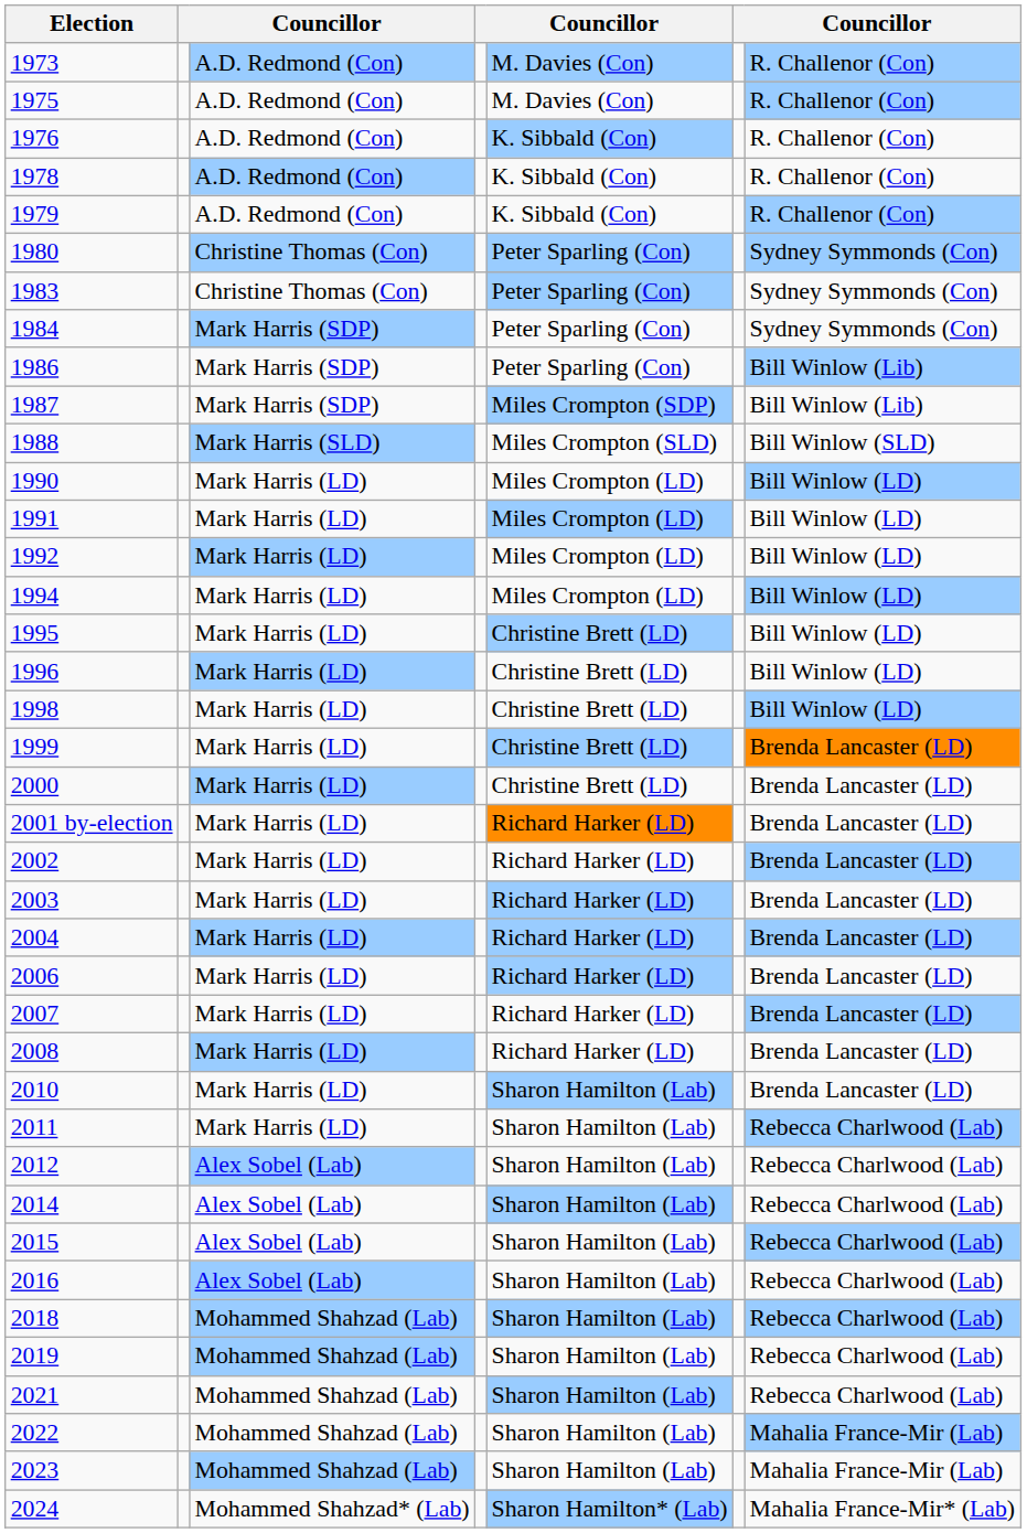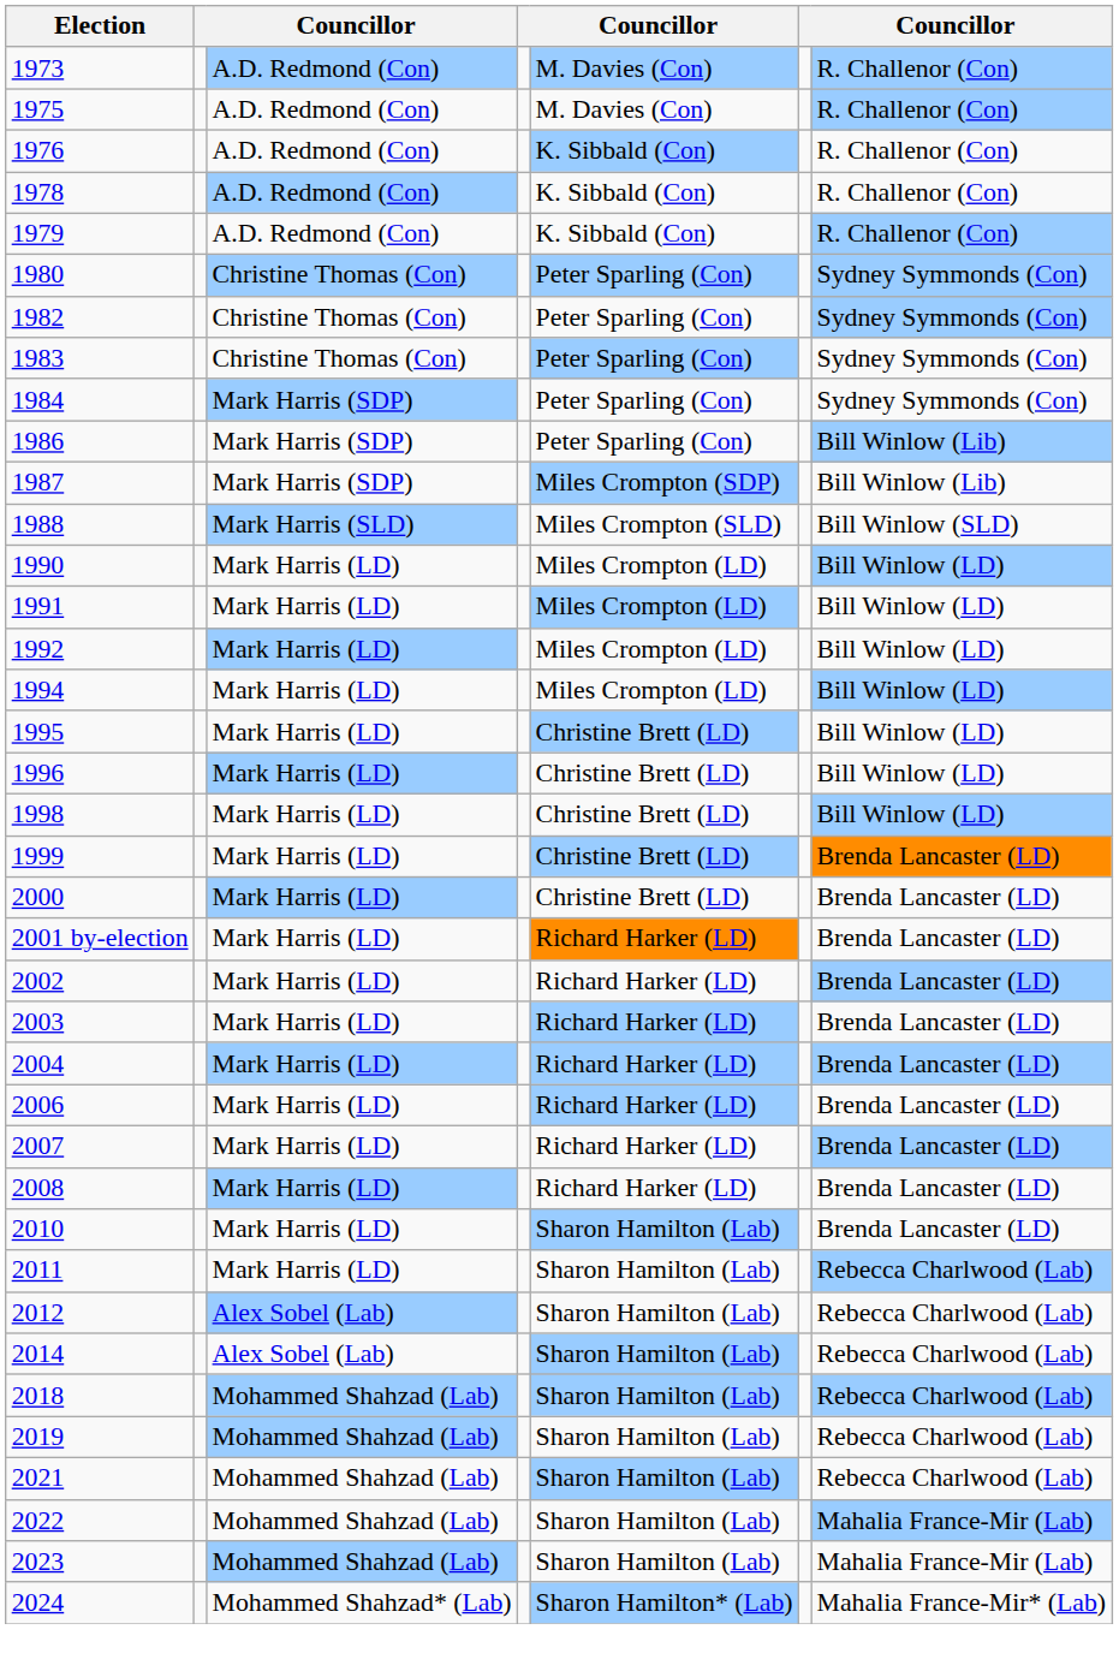 <table class="wikitable">
 <tr>
 <th>Election</th>
 <th colspan="2">Councillor</th>
 <th colspan="2">Councillor</th>
 <th colspan="2">Councillor</th>
 </tr>
 <tr>
 <td><a href='#'>1973</a></td>
 <td style="background-color: "></td>
 <td bgcolor="#99CCFF">A.D. Redmond (<a href='#'>Con</a>)</td>
 <td style="background-color: "></td>
 <td bgcolor="#99CCFF">M. Davies (<a href='#'>Con</a>)</td>
 <td style="background-color: "></td>
 <td bgcolor="#99CCFF">R. Challenor (<a href='#'>Con</a>)</td>
 </tr>
 <tr>
 <td><a href='#'>1975</a></td>
 <td style="background-color: "></td>
 <td>A.D. Redmond (<a href='#'>Con</a>)</td>
 <td style="background-color: "></td>
 <td>M. Davies (<a href='#'>Con</a>)</td>
 <td style="background-color: "></td>
 <td bgcolor="#99CCFF">R. Challenor (<a href='#'>Con</a>)</td>
 </tr>
 <tr>
 <td><a href='#'>1976</a></td>
 <td style="background-color: "></td>
 <td>A.D. Redmond (<a href='#'>Con</a>)</td>
 <td style="background-color: "></td>
 <td bgcolor="#99CCFF">K. Sibbald (<a href='#'>Con</a>)</td>
 <td style="background-color: "></td>
 <td>R. Challenor (<a href='#'>Con</a>)</td>
 </tr>
 <tr>
 <td><a href='#'>1978</a></td>
 <td style="background-color: "></td>
 <td bgcolor="#99CCFF">A.D. Redmond (<a href='#'>Con</a>)</td>
 <td style="background-color: "></td>
 <td>K. Sibbald (<a href='#'>Con</a>)</td>
 <td style="background-color: "></td>
 <td>R. Challenor (<a href='#'>Con</a>)</td>
 </tr>
 <tr>
 <td><a href='#'>1979</a></td>
 <td style="background-color: "></td>
 <td>A.D. Redmond (<a href='#'>Con</a>)</td>
 <td style="background-color: "></td>
 <td>K. Sibbald (<a href='#'>Con</a>)</td>
 <td style="background-color: "></td>
 <td bgcolor="#99CCFF">R. Challenor (<a href='#'>Con</a>)</td>
 </tr>
 <tr>
 <td><a href='#'>1980</a></td>
 <td style="background-color: "></td>
 <td bgcolor="#99CCFF">Christine Thomas (<a href='#'>Con</a>)</td>
 <td style="background-color: "></td>
 <td bgcolor="#99CCFF">Peter Sparling (<a href='#'>Con</a>)</td>
+<td style="background-color: "></td>
+<td bgcolor="#99CCFF">Sydney Symmonds (<a href='#'>Con</a>)</td>
+</tr>
+<tr>
+<td><a href='#'>1982</a></td>
+<td style="background-color: "></td>
+<td>Christine Thomas (<a href='#'>Con</a>)</td>
+<td style="background-color: "></td>
+<td>Peter Sparling (<a href='#'>Con</a>)</td>
 <td style="background-color: "></td>
 <td bgcolor="#99CCFF">Sydney Symmonds (<a href='#'>Con</a>)</td>
 </tr>
 <tr>
 <td><a href='#'>1983</a></td>
 <td style="background-color: "></td>
 <td>Christine Thomas (<a href='#'>Con</a>)</td>
 <td style="background-color: "></td>
 <td bgcolor="#99CCFF">Peter Sparling (<a href='#'>Con</a>)</td>
 <td style="background-color: "></td>
 <td>Sydney Symmonds (<a href='#'>Con</a>)</td>
 </tr>
 <tr>
 <td><a href='#'>1984</a></td>
 <td style="background-color: "></td>
 <td bgcolor="#99CCFF">Mark Harris (<a href='#'>SDP</a>)</td>
 <td style="background-color: "></td>
 <td>Peter Sparling (<a href='#'>Con</a>)</td>
 <td style="background-color: "></td>
 <td>Sydney Symmonds (<a href='#'>Con</a>)</td>
 </tr>
 <tr>
 <td><a href='#'>1986</a></td>
 <td style="background-color: "></td>
 <td>Mark Harris (<a href='#'>SDP</a>)</td>
 <td style="background-color: "></td>
 <td>Peter Sparling (<a href='#'>Con</a>)</td>
 <td style="background-color: "></td>
 <td bgcolor="#99CCFF">Bill Winlow (<a href='#'>Lib</a>)</td>
 </tr>
 <tr>
 <td><a href='#'>1987</a></td>
 <td style="background-color: "></td>
 <td>Mark Harris (<a href='#'>SDP</a>)</td>
 <td style="background-color: "></td>
 <td bgcolor="#99CCFF">Miles Crompton (<a href='#'>SDP</a>)</td>
 <td style="background-color: "></td>
 <td>Bill Winlow (<a href='#'>Lib</a>)</td>
 </tr>
 <tr>
 <td><a href='#'>1988</a></td>
 <td style="background-color: "></td>
 <td bgcolor="#99CCFF">Mark Harris (<a href='#'>SLD</a>)</td>
 <td style="background-color: "></td>
 <td>Miles Crompton (<a href='#'>SLD</a>)</td>
 <td style="background-color: "></td>
 <td>Bill Winlow (<a href='#'>SLD</a>)</td>
 </tr>
 <tr>
 <td><a href='#'>1990</a></td>
 <td style="background-color: "></td>
 <td>Mark Harris (<a href='#'>LD</a>)</td>
 <td style="background-color: "></td>
 <td>Miles Crompton (<a href='#'>LD</a>)</td>
 <td style="background-color: "></td>
 <td bgcolor="#99CCFF">Bill Winlow (<a href='#'>LD</a>)</td>
 </tr>
 <tr>
 <td><a href='#'>1991</a></td>
 <td style="background-color: "></td>
 <td>Mark Harris (<a href='#'>LD</a>)</td>
 <td style="background-color: "></td>
 <td bgcolor="#99CCFF">Miles Crompton (<a href='#'>LD</a>)</td>
 <td style="background-color: "></td>
 <td>Bill Winlow (<a href='#'>LD</a>)</td>
 </tr>
 <tr>
 <td><a href='#'>1992</a></td>
 <td style="background-color: "></td>
 <td bgcolor="#99CCFF">Mark Harris (<a href='#'>LD</a>)</td>
 <td style="background-color: "></td>
 <td>Miles Crompton (<a href='#'>LD</a>)</td>
 <td style="background-color: "></td>
 <td>Bill Winlow (<a href='#'>LD</a>)</td>
 </tr>
 <tr>
 <td><a href='#'>1994</a></td>
 <td style="background-color: "></td>
 <td>Mark Harris (<a href='#'>LD</a>)</td>
 <td style="background-color: "></td>
 <td>Miles Crompton (<a href='#'>LD</a>)</td>
 <td style="background-color: "></td>
 <td bgcolor="#99CCFF">Bill Winlow (<a href='#'>LD</a>)</td>
 </tr>
 <tr>
 <td><a href='#'>1995</a></td>
 <td style="background-color: "></td>
 <td>Mark Harris (<a href='#'>LD</a>)</td>
 <td style="background-color: "></td>
 <td bgcolor="#99CCFF">Christine Brett (<a href='#'>LD</a>)</td>
 <td style="background-color: "></td>
 <td>Bill Winlow (<a href='#'>LD</a>)</td>
 </tr>
 <tr>
 <td><a href='#'>1996</a></td>
 <td style="background-color: "></td>
 <td bgcolor="#99CCFF">Mark Harris (<a href='#'>LD</a>)</td>
 <td style="background-color: "></td>
 <td>Christine Brett (<a href='#'>LD</a>)</td>
 <td style="background-color: "></td>
 <td>Bill Winlow (<a href='#'>LD</a>)</td>
 </tr>
 <tr>
 <td><a href='#'>1998</a></td>
 <td style="background-color: "></td>
 <td>Mark Harris (<a href='#'>LD</a>)</td>
 <td style="background-color: "></td>
 <td>Christine Brett (<a href='#'>LD</a>)</td>
 <td style="background-color: "></td>
 <td bgcolor="#99CCFF">Bill Winlow (<a href='#'>LD</a>)</td>
 </tr>
 <tr>
 <td><a href='#'>1999</a></td>
 <td style="background-color: "></td>
 <td>Mark Harris (<a href='#'>LD</a>)</td>
 <td style="background-color: "></td>
 <td bgcolor="#99CCFF">Christine Brett (<a href='#'>LD</a>)</td>
 <td style="background-color: "></td>
 <td bgcolor="#FF8C00">Brenda Lancaster (<a href='#'>LD</a>)</td>
 </tr>
 <tr>
 <td><a href='#'>2000</a></td>
 <td style="background-color: "></td>
 <td bgcolor="#99CCFF">Mark Harris (<a href='#'>LD</a>)</td>
 <td style="background-color: "></td>
 <td>Christine Brett (<a href='#'>LD</a>)</td>
 <td style="background-color: "></td>
 <td>Brenda Lancaster (<a href='#'>LD</a>)</td>
 </tr>
 <tr>
 <td><a href='#'>2001 by-election</a></td>
 <td style="background-color: "></td>
 <td>Mark Harris (<a href='#'>LD</a>)</td>
 <td style="background-color: "></td>
 <td bgcolor="#FF8C00">Richard Harker (<a href='#'>LD</a>)</td>
 <td style="background-color: "></td>
 <td>Brenda Lancaster (<a href='#'>LD</a>)</td>
 </tr>
 <tr>
 <td><a href='#'>2002</a></td>
 <td style="background-color: "></td>
 <td>Mark Harris (<a href='#'>LD</a>)</td>
 <td style="background-color: "></td>
 <td>Richard Harker (<a href='#'>LD</a>)</td>
 <td style="background-color: "></td>
 <td bgcolor="#99CCFF">Brenda Lancaster (<a href='#'>LD</a>)</td>
 </tr>
 <tr>
 <td><a href='#'>2003</a></td>
 <td style="background-color: "></td>
 <td>Mark Harris (<a href='#'>LD</a>)</td>
 <td style="background-color: "></td>
 <td bgcolor="#99CCFF">Richard Harker (<a href='#'>LD</a>)</td>
 <td style="background-color: "></td>
 <td>Brenda Lancaster (<a href='#'>LD</a>)</td>
 </tr>
 <tr>
 <td><a href='#'>2004</a></td>
 <td style="background-color: "></td>
 <td bgcolor="#99CCFF">Mark Harris (<a href='#'>LD</a>)</td>
 <td style="background-color: "></td>
 <td bgcolor="#99CCFF">Richard Harker (<a href='#'>LD</a>)</td>
 <td style="background-color: "></td>
 <td bgcolor="#99CCFF">Brenda Lancaster (<a href='#'>LD</a>)</td>
 </tr>
 <tr>
 <td><a href='#'>2006</a></td>
 <td style="background-color: "></td>
 <td>Mark Harris (<a href='#'>LD</a>)</td>
 <td style="background-color: "></td>
 <td bgcolor="#99CCFF">Richard Harker (<a href='#'>LD</a>)</td>
 <td style="background-color: "></td>
 <td>Brenda Lancaster (<a href='#'>LD</a>)</td>
 </tr>
 <tr>
 <td><a href='#'>2007</a></td>
 <td style="background-color: "></td>
 <td>Mark Harris (<a href='#'>LD</a>)</td>
 <td style="background-color: "></td>
 <td>Richard Harker (<a href='#'>LD</a>)</td>
 <td style="background-color: "></td>
 <td bgcolor="#99CCFF">Brenda Lancaster (<a href='#'>LD</a>)</td>
 </tr>
 <tr>
 <td><a href='#'>2008</a></td>
 <td style="background-color: "></td>
 <td bgcolor="#99CCFF">Mark Harris (<a href='#'>LD</a>)</td>
 <td style="background-color: "></td>
 <td>Richard Harker (<a href='#'>LD</a>)</td>
 <td style="background-color: "></td>
 <td>Brenda Lancaster (<a href='#'>LD</a>)</td>
 </tr>
 <tr>
 <td><a href='#'>2010</a></td>
 <td style="background-color: "></td>
 <td>Mark Harris (<a href='#'>LD</a>)</td>
 <td style="background-color: "></td>
 <td bgcolor="#99CCFF">Sharon Hamilton (<a href='#'>Lab</a>)</td>
 <td style="background-color: "></td>
 <td>Brenda Lancaster (<a href='#'>LD</a>)</td>
 </tr>
 <tr>
 <td><a href='#'>2011</a></td>
 <td style="background-color: "></td>
 <td>Mark Harris (<a href='#'>LD</a>)</td>
 <td style="background-color: "></td>
 <td>Sharon Hamilton (<a href='#'>Lab</a>)</td>
 <td style="background-color: "></td>
 <td bgcolor="#99CCFF">Rebecca Charlwood (<a href='#'>Lab</a>)</td>
 </tr>
 <tr>
 <td><a href='#'>2012</a></td>
 <td style="background-color: "></td>
 <td bgcolor="#99CCFF"><a href='#'>Alex Sobel</a> (<a href='#'>Lab</a>)</td>
 <td style="background-color: "></td>
 <td>Sharon Hamilton (<a href='#'>Lab</a>)</td>
 <td style="background-color: "></td>
 <td>Rebecca Charlwood (<a href='#'>Lab</a>)</td>
 </tr>
 <tr>
 <td><a href='#'>2014</a></td>
 <td style="background-color: "></td>
 <td><a href='#'>Alex Sobel</a> (<a href='#'>Lab</a>)</td>
 <td style="background-color: "></td>
 <td bgcolor="#99CCFF">Sharon Hamilton (<a href='#'>Lab</a>)</td>
 <td style="background-color: "></td>
 <td>Rebecca Charlwood (<a href='#'>Lab</a>)</td>
 </tr>
 <tr>
-<td><a href='#'>2015</a></td>
-<td style="background-color: "></td>
-<td><a href='#'>Alex Sobel</a> (<a href='#'>Lab</a>)</td>
-<td style="background-color: "></td>
-<td>Sharon Hamilton (<a href='#'>Lab</a>)</td>
-<td style="background-color: "></td>
-<td bgcolor="#99CCFF">Rebecca Charlwood (<a href='#'>Lab</a>)</td>
-</tr>
-<tr>
-<td><a href='#'>2016</a></td>
-<td style="background-color: "></td>
-<td bgcolor="#99CCFF"><a href='#'>Alex Sobel</a> (<a href='#'>Lab</a>)</td>
-<td style="background-color: "></td>
-<td>Sharon Hamilton (<a href='#'>Lab</a>)</td>
-<td style="background-color: "></td>
-<td>Rebecca Charlwood (<a href='#'>Lab</a>)</td>
-</tr>
-<tr>
 <td><a href='#'>2018</a></td>
 <td style="background-color: "></td>
 <td bgcolor="#99CCFF">Mohammed Shahzad (<a href='#'>Lab</a>)</td>
 <td style="background-color: "></td>
 <td bgcolor="#99CCFF">Sharon Hamilton (<a href='#'>Lab</a>)</td>
 <td style="background-color: "></td>
 <td bgcolor="#99CCFF">Rebecca Charlwood (<a href='#'>Lab</a>)</td>
 </tr>
 <tr>
 <td><a href='#'>2019</a></td>
 <td style="background-color: "></td>
 <td bgcolor="#99CCFF">Mohammed Shahzad (<a href='#'>Lab</a>)</td>
 <td style="background-color: "></td>
 <td>Sharon Hamilton (<a href='#'>Lab</a>)</td>
 <td style="background-color: "></td>
 <td>Rebecca Charlwood (<a href='#'>Lab</a>)</td>
 </tr>
 <tr>
 <td><a href='#'>2021</a></td>
 <td style="background-color: "></td>
 <td>Mohammed Shahzad (<a href='#'>Lab</a>)</td>
 <td style="background-color: "></td>
 <td bgcolor="#99CCFF">Sharon Hamilton (<a href='#'>Lab</a>)</td>
 <td style="background-color: "></td>
 <td>Rebecca Charlwood (<a href='#'>Lab</a>)</td>
 </tr>
 <tr>
 <td><a href='#'>2022</a></td>
 <td style="background-color: "></td>
 <td>Mohammed Shahzad (<a href='#'>Lab</a>)</td>
 <td style="background-color: "></td>
 <td>Sharon Hamilton (<a href='#'>Lab</a>)</td>
 <td style="background-color: "></td>
 <td bgcolor="#99CCFF">Mahalia France-Mir (<a href='#'>Lab</a>)</td>
 </tr>
 <tr>
 <td><a href='#'>2023</a></td>
 <td style="background-color: "></td>
 <td bgcolor="#99CCFF">Mohammed Shahzad (<a href='#'>Lab</a>)</td>
 <td style="background-color: "></td>
 <td>Sharon Hamilton (<a href='#'>Lab</a>)</td>
 <td style="background-color: "></td>
 <td>Mahalia France-Mir (<a href='#'>Lab</a>)</td>
 </tr>
 <tr>
 <td><a href='#'>2024</a></td>
 <td style="background-color: "></td>
 <td>Mohammed Shahzad* (<a href='#'>Lab</a>)</td>
 <td style="background-color: "></td>
 <td bgcolor="#99CCFF">Sharon Hamilton* (<a href='#'>Lab</a>)</td>
 <td style="background-color: "></td>
 <td>Mahalia France-Mir* (<a href='#'>Lab</a>)</td>
 </tr>
 </table>
